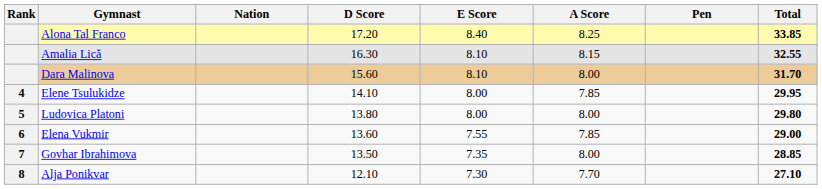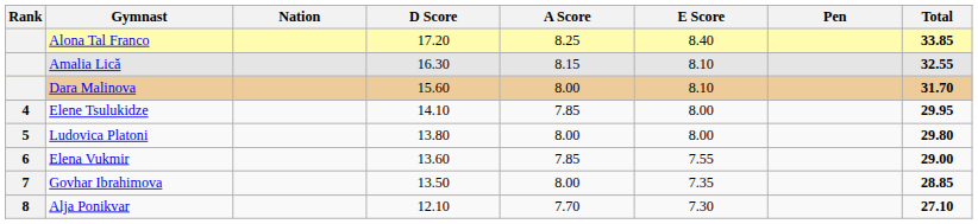 <table class="wikitable sortable" style="text-align:center; font-size:85%">
 <tr>
 <th scope="col" style="width:20px;">Rank</th>
 <th ! scope="col" style="width:170px;">Gymnast</th>
 <th ! scope="col" style="width:120px;">Nation</th>
 <th ! scope="col" style="width:120px;">D Score</th>
+<th ! scope="col" style="width:120px;">A Score</th>
 <th ! scope="col" style="width:120px;">E Score</th>
-<th ! scope="col" style="width:120px;">A Score</th>
 <th ! scope="col" style="width:120px;">Pen</th>
 <th scope="col" style="width:60px;" !>Total</th>
 </tr>
 <tr bgcolor=fffcaf>
 <th scope=row></th>
 <td align=left><a href='#'>Alona Tal Franco</a></td>
 <td style="text-align:left;"></td>
 <td>17.20</td>
+<td>8.25</td>
 <td>8.40</td>
-<td>8.25</td>
 <td></td>
 <td><strong>33.85</strong></td>
 </tr>
 <tr bgcolor=e5e5e5>
 <th scope=row></th>
 <td align=left><a href='#'>Amalia Lică</a></td>
 <td style="text-align:left;"></td>
 <td>16.30</td>
+<td>8.15</td>
 <td>8.10</td>
-<td>8.15</td>
 <td></td>
 <td><strong>32.55</strong></td>
 </tr>
 <tr bgcolor=eecc99>
 <th scope=row></th>
 <td align=left><a href='#'>Dara Malinova</a></td>
 <td style="text-align:left;"></td>
 <td>15.60</td>
+<td>8.00</td>
 <td>8.10</td>
-<td>8.00</td>
 <td></td>
 <td><strong>31.70</strong></td>
 </tr>
 <tr>
 <th scope=row>4</th>
 <td align=left><a href='#'>Elene Tsulukidze</a></td>
 <td style="text-align:left;"></td>
 <td>14.10</td>
+<td>7.85</td>
 <td>8.00</td>
-<td>7.85</td>
 <td></td>
 <td><strong>29.95</strong></td>
 </tr>
 <tr>
 <th scope=row>5</th>
 <td align=left><a href='#'>Ludovica Platoni</a></td>
 <td style="text-align:left;"></td>
 <td>13.80</td>
 <td>8.00</td>
 <td>8.00</td>
 <td></td>
 <td><strong>29.80</strong></td>
 </tr>
 <tr>
 <th scope=row>6</th>
 <td align=left><a href='#'>Elena Vukmir</a></td>
 <td style="text-align:left;"></td>
 <td>13.60</td>
+<td>7.85</td>
 <td>7.55</td>
-<td>7.85</td>
 <td></td>
 <td><strong>29.00</strong></td>
 </tr>
 <tr>
 <th scope=row>7</th>
 <td align=left><a href='#'>Govhar Ibrahimova</a></td>
 <td style="text-align:left;"></td>
 <td>13.50</td>
+<td>8.00</td>
 <td>7.35</td>
-<td>8.00</td>
 <td></td>
 <td><strong>28.85</strong></td>
 </tr>
 <tr>
 <th scope=row>8</th>
 <td align=left><a href='#'>Alja Ponikvar</a></td>
 <td style="text-align:left;"></td>
 <td>12.10</td>
+<td>7.70</td>
 <td>7.30</td>
-<td>7.70</td>
 <td></td>
 <td><strong>27.10</strong></td>
 </tr>
 </table>
